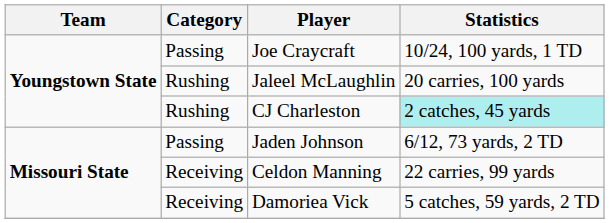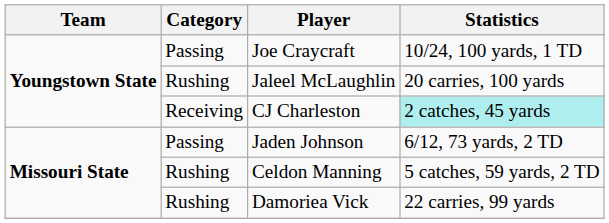 <table class="wikitable" style="float: right;">
 <tr>
 <th>Team</th>
 <th>Category</th>
 <th>Player</th>
 <th>Statistics</th>
 </tr>
 <tr>
 <td rowspan=3><strong>Youngstown State</strong></td>
 <td>Passing</td>
 <td>Joe Craycraft</td>
 <td>10/24, 100 yards, 1 TD</td>
 </tr>
 <tr>
 <td>Rushing</td>
 <td>Jaleel McLaughlin</td>
 <td>20 carries, 100 yards</td>
 </tr>
 <tr>
-<td>Rushing</td>
+<td>Receiving</td>
 <td>CJ Charleston</td>
 <td style="background: paleturquoise;">2 catches, 45 yards</td>
 </tr>
 <tr>
 <td rowspan=3><strong>Missouri State</strong></td>
 <td>Passing</td>
 <td>Jaden Johnson</td>
 <td>6/12, 73 yards, 2 TD</td>
 </tr>
 <tr>
-<td>Receiving</td>
+<td>Rushing</td>
 <td>Celdon Manning</td>
-<td>22 carries, 99 yards</td>
+<td>5 catches, 59 yards, 2 TD</td>
 </tr>
 <tr>
-<td>Receiving</td>
+<td>Rushing</td>
 <td>Damoriea Vick</td>
-<td>5 catches, 59 yards, 2 TD</td>
+<td>22 carries, 99 yards</td>
 </tr>
 <tr>
 </tr>
 </table>
